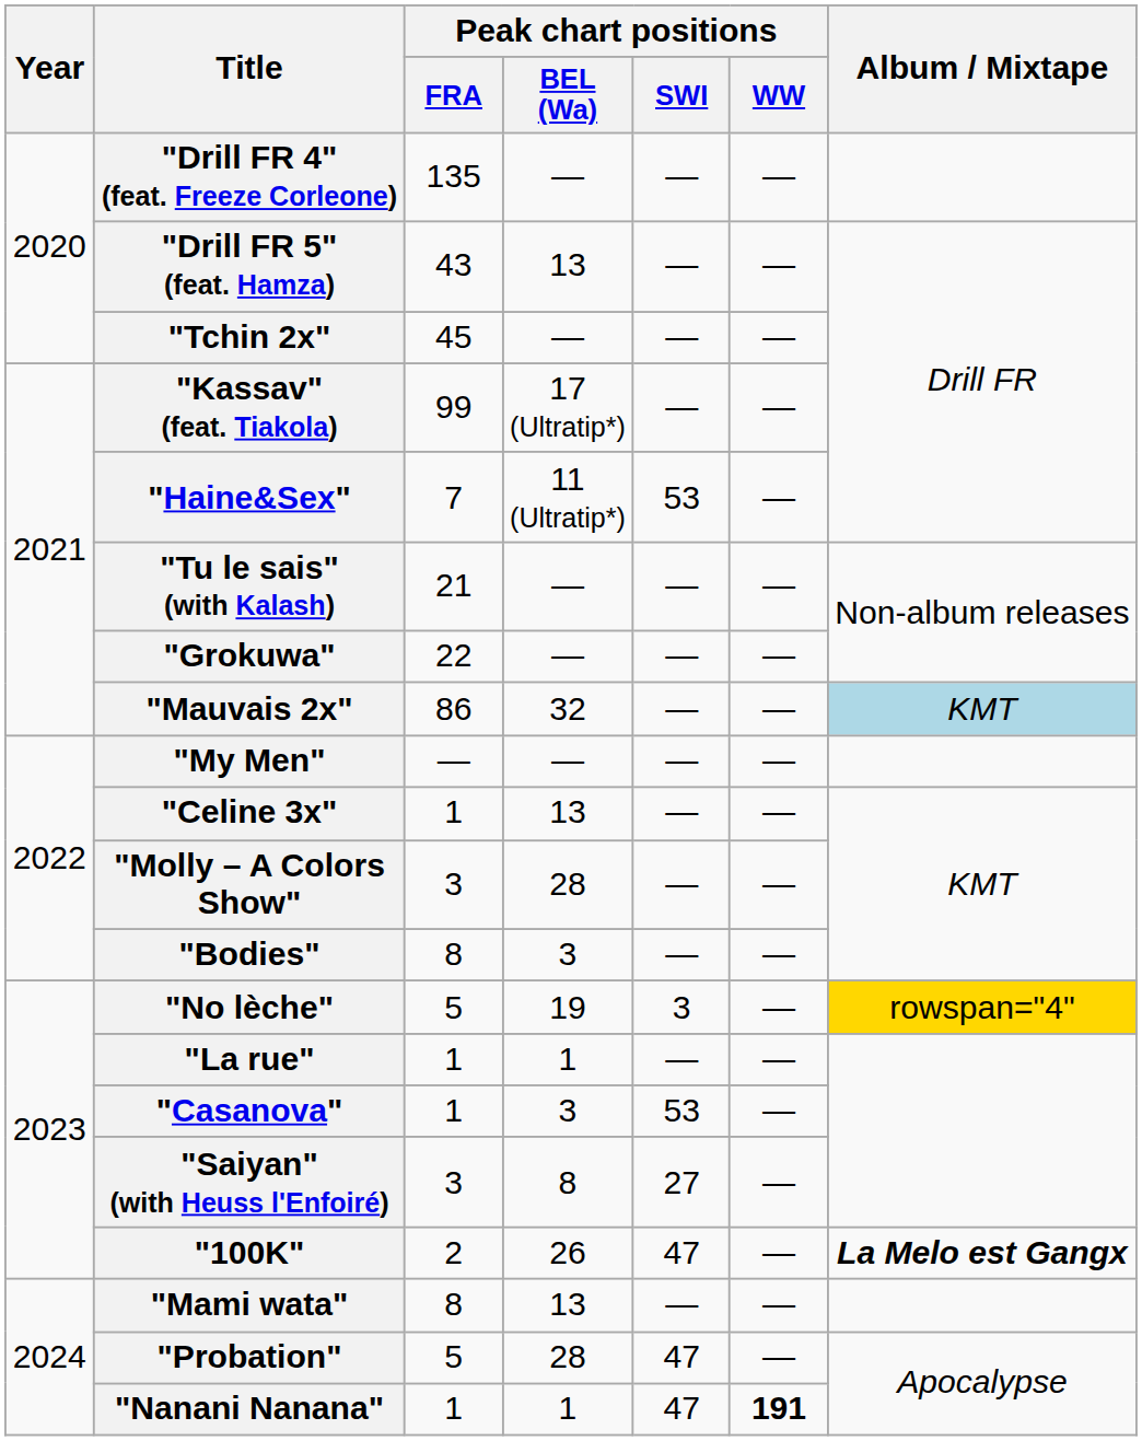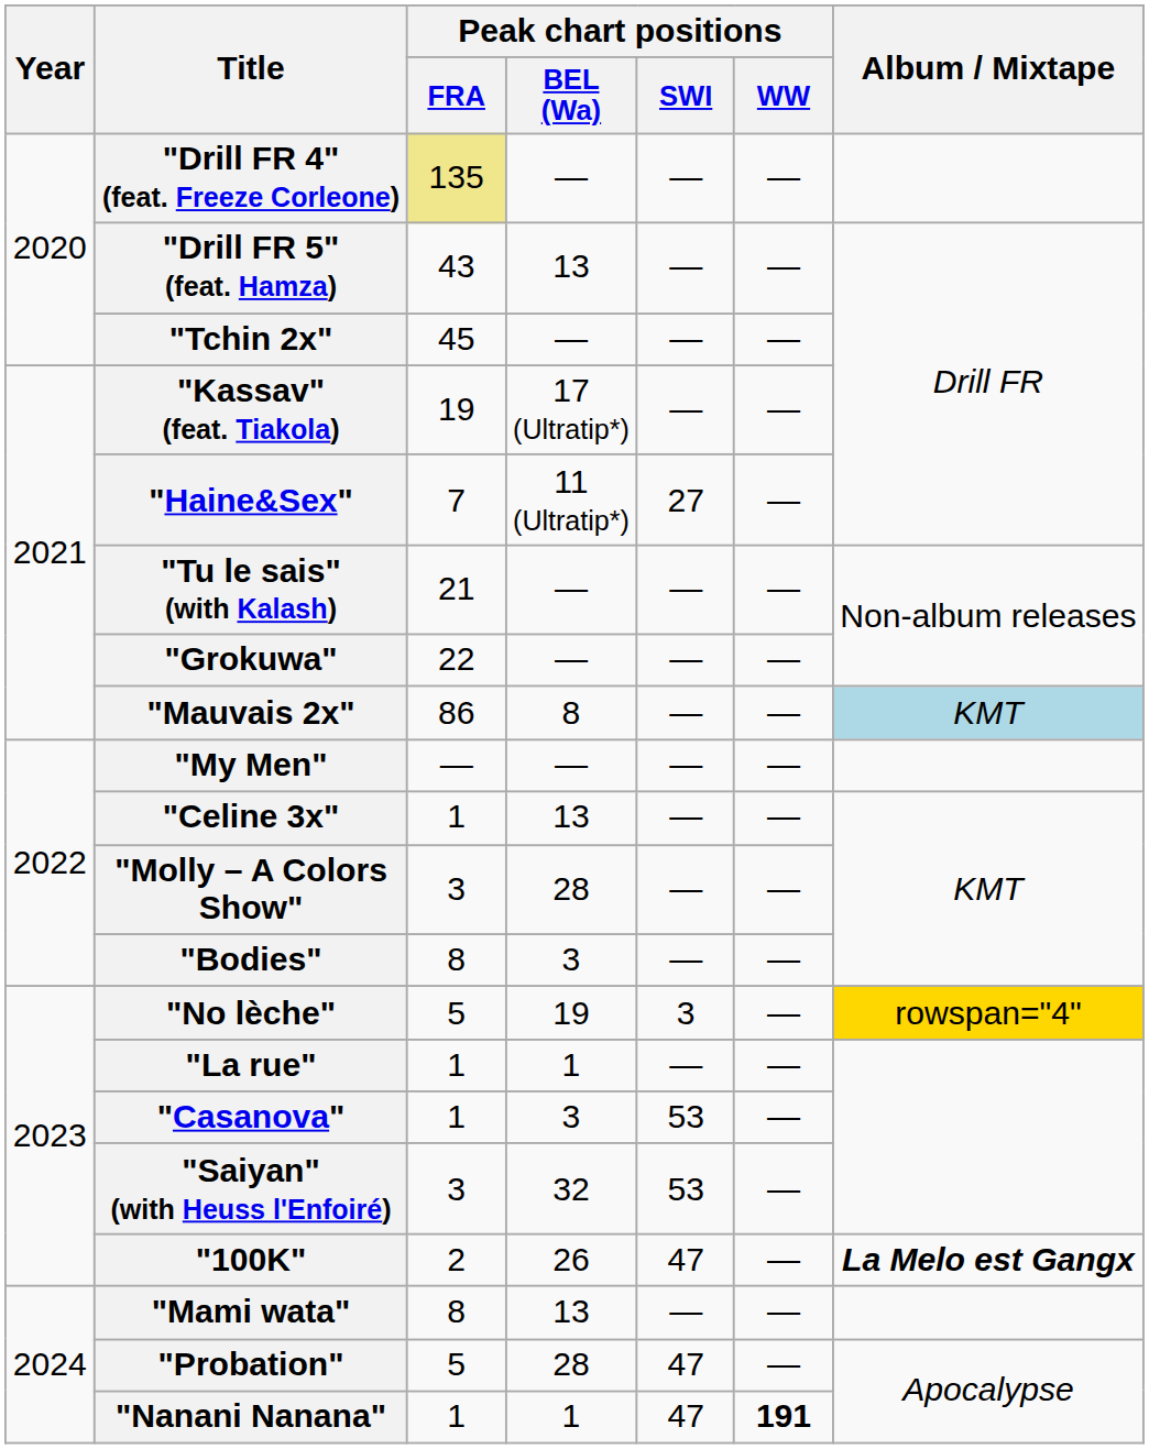 <table class="wikitable plainrowheaders" style="text-align:center;">
 <tr>
 <th scope=col rowspan=2 style="width:1em;">Year</th>
 <th scope=col rowspan=2 style="width:9em;">Title</th>
 <th scope=col colspan=4>Peak chart positions</th>
 <th scope=col rowspan=2>Album / Mixtape</th>
 </tr>
 <tr>
 <th scope=col style="width:3em;font-size:85%;"><a href='#'>FRA</a><br></th>
 <th scope=col style="width:3em;font-size:85%;"><a href='#'>BEL<br>(Wa)</a><br></th>
 <th scope=col style="width:3em;font-size:85%;"><a href='#'>SWI</a><br></th>
 <th scope=col style="width:3em;font-size:85%;"><a href='#'>WW</a><br></th>
 </tr>
 <tr>
 <td rowspan=3>2020</td>
 <th scope=row>"Drill FR 4"<br><small>(feat. <a href='#'>Freeze Corleone</a>)</small></th>
-<td>135</td>
+<td style="background: khaki;">135</td>
 <td>—</td>
 <td>—</td>
 <td>—</td>
 <td></td>
 </tr>
 <tr>
 <th scope=row>"Drill FR 5" <br><small>(feat. <a href='#'>Hamza</a>)</small></th>
 <td>43</td>
 <td>13</td>
 <td>—</td>
 <td>—</td>
 <td rowspan=4><em>Drill FR</em></td>
 </tr>
 <tr>
 <th scope=row>"Tchin 2x"</th>
 <td>45</td>
 <td>—</td>
 <td>—</td>
 <td>—</td>
 </tr>
 <tr>
 <td rowspan=5>2021</td>
 <th scope=row>"Kassav"<br><small>(feat. <a href='#'>Tiakola</a>)</small></th>
-<td>99</td>
+<td>19</td>
 <td>17<br><small>(Ultratip*)</small></td>
 <td>—</td>
 <td>—</td>
 </tr>
 <tr>
 <th scope=row>"<a href='#'>Haine&Sex</a>"</th>
 <td>7</td>
 <td>11<br><small>(Ultratip*)</small></td>
-<td>53</td>
+<td>27</td>
 <td>—</td>
 </tr>
 <tr>
 <th scope=row>"Tu le sais"<br><small>(with <a href='#'>Kalash</a>)</small></th>
 <td>21</td>
 <td>—</td>
 <td>—</td>
 <td>—</td>
 <td rowspan="2">Non-album releases</td>
 </tr>
 <tr>
 <th scope=row>"Grokuwa"</th>
 <td>22</td>
 <td>—</td>
 <td>—</td>
 <td>—</td>
 </tr>
 <tr>
 <th scope=row>"Mauvais 2x"<br></th>
 <td>86</td>
-<td>32</td>
+<td>8</td>
 <td>—</td>
 <td>—</td>
 <td style="background: lightblue;"><em>KMT</em></td>
 </tr>
 <tr>
 <td rowspan="4">2022</td>
 <th scope="row">"My Men"<br></th>
 <td>—</td>
 <td>—</td>
 <td>—</td>
 <td>—</td>
 <td></td>
 </tr>
 <tr>
 <th scope="row">"Celine 3x"</th>
 <td>1</td>
 <td>13</td>
 <td>—</td>
 <td>—</td>
 <td rowspan="3"><em>KMT</em></td>
 </tr>
 <tr>
 <th scope="row">"Molly – A Colors Show"</th>
 <td>3</td>
 <td>28</td>
 <td>—</td>
 <td>—</td>
 </tr>
 <tr>
 <th scope="row">"Bodies"<br></th>
 <td>8</td>
 <td>3</td>
 <td>—</td>
 <td>—</td>
 </tr>
 <tr>
 <td rowspan="5">2023</td>
 <th scope="row">"No lèche"<br></th>
 <td>5</td>
 <td>19</td>
 <td>3</td>
 <td>—</td>
 <td style="background: gold;">rowspan="4" </td>
 </tr>
 <tr>
 <th scope="row">"La rue"<br></th>
 <td>1</td>
 <td>1</td>
 <td>—</td>
 <td>—</td>
 </tr>
 <tr>
 <th scope="row">"<a href='#'>Casanova</a>"<br></th>
 <td>1</td>
 <td>3</td>
 <td>53</td>
 <td>—</td>
 </tr>
 <tr>
 <th scope="row">"Saiyan"<br><small>(with <a href='#'>Heuss l'Enfoiré</a>)</small></th>
 <td>3</td>
-<td>8</td>
-<td>27</td>
+<td>32</td>
+<td>53</td>
 <td>—</td>
 </tr>
 <tr>
 <th scope="row">"100K"</th>
 <td>2</td>
 <td>26</td>
 <td>47</td>
 <td>—</td>
 <td><strong><em>La Melo est Gangx</em></strong></td>
 </tr>
 <tr>
 <td rowspan="3">2024</td>
 <th scope="row">"Mami wata"<br></th>
 <td>8</td>
 <td>13</td>
 <td>—</td>
 <td>—</td>
 <td></td>
 </tr>
 <tr>
 <th scope="row">"Probation"</th>
 <td>5</td>
 <td>28</td>
 <td>47</td>
 <td>—</td>
 <td rowspan="2"><em>Apocalypse</em></td>
 </tr>
 <tr>
 <th scope="row">"Nanani Nanana"</th>
 <td>1</td>
 <td>1</td>
 <td>47</td>
 <td><strong>191</strong></td>
 </tr>
 </table>
